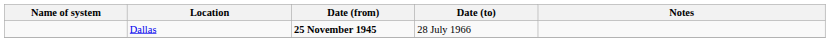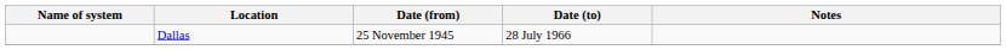 <table class="wikitable" width=100%>
 <tr>
 <th width=15%>Name of system</th>
 <th width=20%>Location</th>
 <th width=15%>Date (from)</th>
 <th width=15%>Date (to)</th>
 <th width=35%>Notes</th>
 </tr>
 <tr>
 <td> </td>
 <td><a href='#'>Dallas</a></td>
-<td><strong>25 November 1945</strong></td>
+<td>25 November 1945</td>
 <td>28 July 1966</td>
 <td> </td>
 </tr>
 <tr>
 </tr>
 </table>
